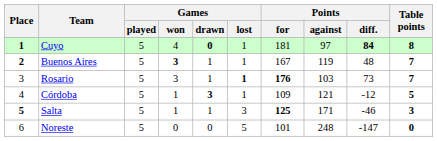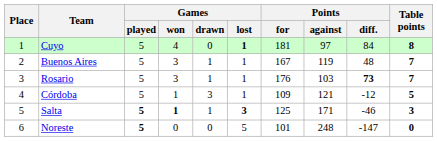 <table class="wikitable">
 <tr>
 <th rowspan=2 width="8%">Place</th>
 <th rowspan=2 width="20%">Team</th>
 <th colspan=4 width="32%">Games</th>
 <th colspan=3 width="30%">Points</th>
 <th rowspan=2 width="10%">Table<br>points</th>
 </tr>
 <tr>
 <th width="8%">played</th>
 <th width="8%">won</th>
 <th width="8%">drawn</th>
 <th width="8%">lost</th>
 <th width="10%">for</th>
 <th width="10%">against</th>
 <th width="10%">diff.</th>
 </tr>
 <tr align=center style="background: #ccffcc;">
-<td><strong>1</strong></td>
+<td>1</td>
 <td align=left><a href='#'>Cuyo</a></td>
 <td>5</td>
 <td>4</td>
-<td><strong>0</strong></td>
-<td>1</td>
+<td>0</td>
+<td><strong>1</strong></td>
 <td>181</td>
 <td>97</td>
-<td><strong>84</strong></td>
+<td>84</td>
 <td><strong>8</strong></td>
 </tr>
 <tr align=center style="background: #ffffff;">
-<td><strong>2</strong></td>
+<td>2</td>
 <td align=left><a href='#'>Buenos Aires</a></td>
 <td>5</td>
-<td><strong>3</strong></td>
+<td>3</td>
 <td>1</td>
 <td>1</td>
 <td>167</td>
 <td>119</td>
 <td>48</td>
 <td><strong>7</strong></td>
 </tr>
 <tr align=center style="background: #ffffff;">
 <td>3</td>
 <td align=left><a href='#'>Rosario</a></td>
 <td>5</td>
 <td>3</td>
 <td>1</td>
-<td><strong>1</strong></td>
-<td><strong>176</strong></td>
+<td>1</td>
+<td>176</td>
 <td>103</td>
-<td>73</td>
+<td><strong>73</strong></td>
 <td><strong>7</strong></td>
 </tr>
 <tr align=center style="background: #ffffff;">
 <td>4</td>
 <td align=left><a href='#'>Córdoba</a></td>
 <td>5</td>
 <td>1</td>
-<td><strong>3</strong></td>
+<td>3</td>
 <td>1</td>
 <td>109</td>
 <td>121</td>
 <td>-12</td>
 <td><strong>5</strong></td>
 </tr>
 <tr align=center style="background: #ffffff;">
+<td>5</td>
+<td align=left><a href='#'>Salta</a></td>
 <td><strong>5</strong></td>
-<td align=left><a href='#'>Salta</a></td>
-<td>5</td>
+<td><strong>1</strong></td>
 <td>1</td>
-<td>1</td>
-<td>3</td>
-<td><strong>125</strong></td>
+<td><strong>3</strong></td>
+<td>125</td>
 <td>171</td>
 <td>-46</td>
 <td><strong>3</strong></td>
 </tr>
 <tr align=center style="background: #ffffff;">
 <td>6</td>
 <td align=left><a href='#'>Noreste</a></td>
-<td>5</td>
+<td><strong>5</strong></td>
 <td>0</td>
 <td>0</td>
 <td>5</td>
 <td>101</td>
 <td>248</td>
 <td>-147</td>
 <td><strong>0</strong></td>
 </tr>
 </table>
